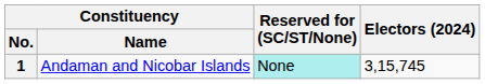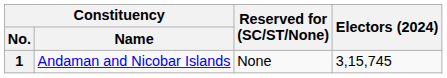 <table class="wikitable sortable">
 <tr>
 <th scope=colgroup colspan="2">Constituency</th>
 <th scope=col rowspan=2>Reserved for<br>(SC/ST/None)</th>
 <th rowspan="2">Electors (2024)</th>
 </tr>
 <tr>
 <th scope=col>No.</th>
 <th scope=col>Name</th>
 </tr>
 <tr>
 <th scope=row>1</th>
 <td><a href='#'>Andaman and Nicobar Islands</a></td>
-<td style="background: paleturquoise;">None</td>
+<td>None</td>
 <td>3,15,745</td>
 </tr>
 </table>
